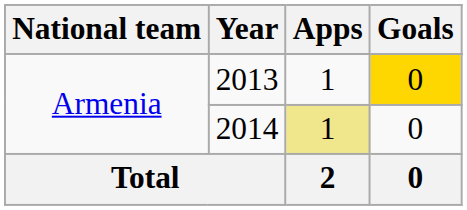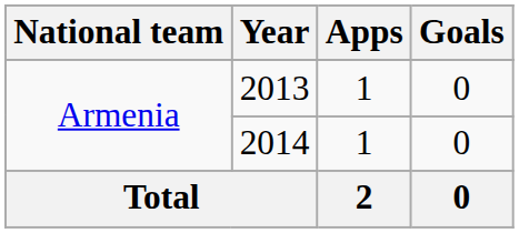 <table class="wikitable" style="text-align:center">
 <tr>
 <th>National team</th>
 <th>Year</th>
 <th>Apps</th>
 <th>Goals</th>
 </tr>
 <tr>
 <td rowspan=3><a href='#'>Armenia</a></td>
 </tr>
 <tr>
 <td>2013</td>
 <td>1</td>
-<td style="background: gold;">0</td>
+<td>0</td>
 </tr>
 <tr>
 <td>2014</td>
-<td style="background: khaki;">1</td>
+<td>1</td>
 <td>0</td>
 </tr>
 <tr>
 <th colspan="2">Total</th>
 <th>2</th>
 <th>0</th>
 </tr>
 </table>
